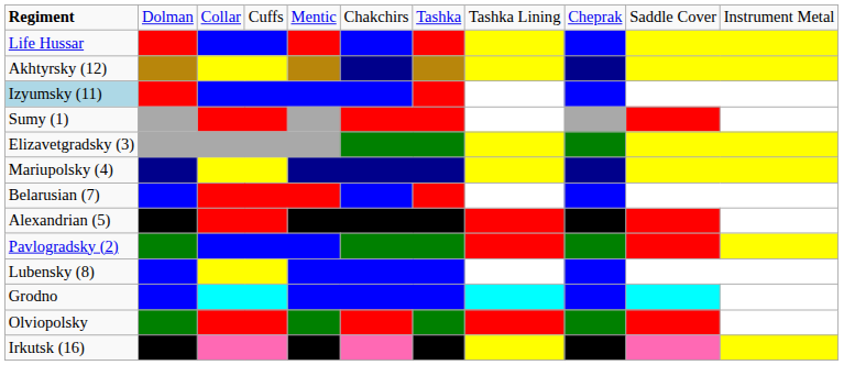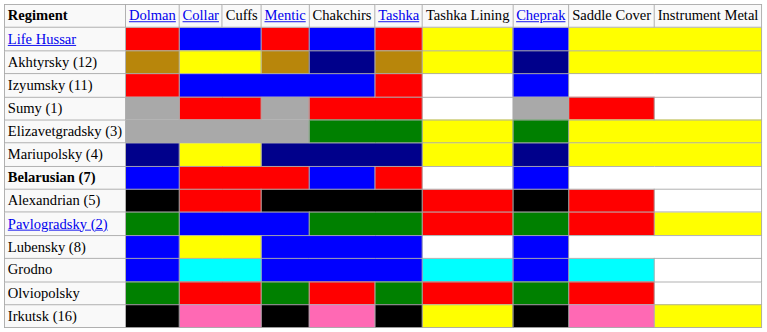 <table class="wikitable">
 <tr>
 <td «width»=15%><strong>Regiment</strong></td>
 <td><a href='#'>Dolman</a></td>
 <td><a href='#'>Collar</a></td>
 <td>Cuffs</td>
 <td><a href='#'>Mentic</a></td>
 <td>Chakchirs</td>
 <td><a href='#'>Tashka</a></td>
 <td>Tashka Lining</td>
 <td><a href='#'>Cheprak</a></td>
 <td>Saddle Cover</td>
 <td>Instrument Metal</td>
 </tr>
 <tr>
 <td><a href='#'>Life Hussar</a></td>
 <td bgcolor=Red></td>
 <td colspan = 2 bgcolor=Blue></td>
 <td bgcolor=Red></td>
 <td bgcolor=Blue></td>
 <td bgcolor=Red></td>
 <td bgcolor=Yellow></td>
 <td bgcolor=Blue></td>
 <td colspan = 2 bgcolor=Yellow></td>
 </tr>
 <tr>
 <td>Akhtyrsky (12)</td>
 <td bgcolor=DarkGoldenrod></td>
 <td colspan = 2 bgcolor=Yellow></td>
 <td bgcolor=DarkGoldenrod></td>
 <td bgcolor=DarkBlue></td>
 <td bgcolor=DarkGoldenrod></td>
 <td bgcolor=Yellow></td>
 <td bgcolor=DarkBlue></td>
 <td colspan = 2 bgcolor=Yellow></td>
 </tr>
 <tr>
-<td style="background: lightblue;">Izyumsky (11)</td>
+<td>Izyumsky (11)</td>
 <td bgcolor=Red></td>
 <td colspan = 4 bgcolor=Blue></td>
 <td bgcolor=Red></td>
 <td bgcolor=White></td>
 <td bgcolor=Blue></td>
 <td colspan = 2 bgcolor=White></td>
 </tr>
 <tr>
 <td>Sumy (1)</td>
 <td bgcolor=DarkGray></td>
 <td colspan = 2 bgcolor=Red></td>
 <td bgcolor=DarkGray></td>
 <td colspan = 2 bgcolor=Red></td>
 <td bgcolor=White></td>
 <td bgcolor=DarkGray></td>
 <td bgcolor=Red></td>
 <td bgcolor=White></td>
 </tr>
 <tr>
 <td>Elizavetgradsky (3)</td>
 <td colspan = 4 bgcolor=DarkGray></td>
 <td colspan = 2 bgcolor=Green></td>
 <td bgcolor=Yellow></td>
 <td bgcolor=Green></td>
 <td colspan = 2 bgcolor=Yellow></td>
 </tr>
 <tr>
 <td>Mariupolsky (4)</td>
 <td bgcolor=DarkBlue></td>
 <td colspan = 2 bgcolor=Yellow></td>
 <td colspan = 3 bgcolor=DarkBlue></td>
 <td bgcolor=Yellow></td>
 <td bgcolor=DarkBlue></td>
 <td colspan = 2 bgcolor=Yellow></td>
 </tr>
 <tr>
-<td>Belarusian (7)</td>
+<td><strong>Belarusian (7)</strong></td>
 <td bgcolor=Blue></td>
 <td colspan = 3 bgcolor=Red></td>
 <td bgcolor=Blue></td>
 <td bgcolor=Red></td>
 <td bgcolor=White></td>
 <td bgcolor=Blue></td>
 <td colspan = 2 bgcolor=White></td>
 </tr>
 <tr>
 <td>Alexandrian (5)</td>
 <td bgcolor=Black></td>
 <td colspan = 2 bgcolor=Red></td>
 <td colspan = 3 bgcolor=Black></td>
 <td bgcolor=Red></td>
 <td bgcolor=Black></td>
 <td bgcolor=Red></td>
 <td bgcolor=White></td>
 </tr>
 <tr>
 <td><a href='#'>Pavlogradsky (2)</a></td>
 <td bgcolor=Green></td>
 <td colspan = 3 bgcolor=Blue></td>
 <td colspan = 2 bgcolor=Green></td>
 <td bgcolor=Red></td>
 <td bgcolor=Green></td>
 <td bgcolor=Red></td>
 <td bgcolor=Yellow></td>
 </tr>
 <tr>
 <td>Lubensky (8)</td>
 <td bgcolor=Blue></td>
 <td colspan = 2 bgcolor=Yellow></td>
 <td colspan = 3 bgcolor=Blue></td>
 <td bgcolor=White></td>
 <td bgcolor=Blue></td>
 <td colspan = 2 bgcolor=White></td>
 </tr>
 <tr>
 <td>Grodno</td>
 <td bgcolor=Blue></td>
 <td colspan = 2 bgcolor=Cyan></td>
 <td colspan = 3 bgcolor=Blue></td>
 <td bgcolor=Cyan></td>
 <td bgcolor=Blue></td>
 <td bgcolor=Cyan></td>
 <td bgcolor=White></td>
 </tr>
 <tr>
 <td>Olviopolsky</td>
 <td bgcolor=Green></td>
 <td colspan = 2 bgcolor=Red></td>
 <td bgcolor=Green></td>
 <td bgcolor=Red></td>
 <td bgcolor=Green></td>
 <td bgcolor=Red></td>
 <td bgcolor=Green></td>
 <td bgcolor=Red></td>
 <td bgcolor=White></td>
 </tr>
 <tr>
 <td>Irkutsk (16)</td>
 <td bgcolor=Black></td>
 <td colspan = 2 bgcolor=HotPink></td>
 <td bgcolor=Black></td>
 <td bgcolor=HotPink></td>
 <td bgcolor=Black></td>
 <td bgcolor=Yellow></td>
 <td bgcolor=Black></td>
 <td bgcolor=HotPink></td>
 <td bgcolor=Yellow></td>
 </tr>
 </table>
